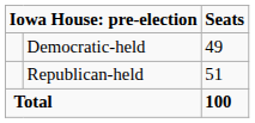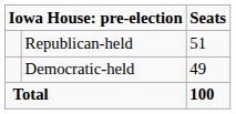 <table class="wikitable">
 <tr>
 <td colspan="2"  style="text-align:center; vertical-align:top;"><strong>Iowa House: pre-election</strong></td>
 <td style="vertical-align:top;"><strong>Seats</strong><br></td>
 </tr>
 <tr>
 <td style="background-color:"> </td>
-<td>Democratic-held</td>
-<td>49</td>
+<td>Republican-held</td>
+<td>51</td>
 </tr>
 <tr>
 <td style="background-color:"> </td>
-<td>Republican-held</td>
-<td>51</td>
+<td>Democratic-held</td>
+<td>49</td>
 </tr>
 <tr>
 <td colspan="2"> <strong>Total</strong><br></td>
 <td><strong>100</strong></td>
 </tr>
 </table>
